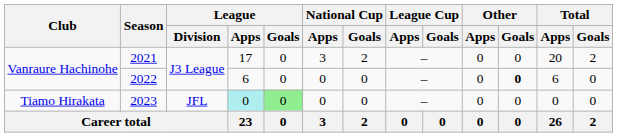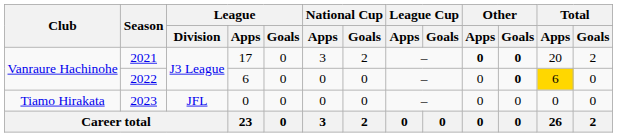 <table class="wikitable" style="text-align: center">
 <tr>
 <th rowspan="2">Club</th>
 <th rowspan="2">Season</th>
 <th colspan="3">League</th>
 <th colspan="2">National Cup</th>
 <th colspan="2">League Cup</th>
 <th colspan="2">Other</th>
 <th colspan="2">Total</th>
 </tr>
 <tr>
 <th>Division</th>
 <th>Apps</th>
 <th>Goals</th>
 <th>Apps</th>
 <th>Goals</th>
 <th>Apps</th>
 <th>Goals</th>
 <th>Apps</th>
 <th>Goals</th>
 <th>Apps</th>
 <th>Goals</th>
 </tr>
 <tr>
 <td rowspan=2><a href='#'>Vanraure Hachinohe</a></td>
 <td><a href='#'>2021</a></td>
 <td rowspan=2><a href='#'>J3 League</a></td>
 <td>17</td>
 <td>0</td>
 <td>3</td>
 <td>2</td>
 <td colspan="2">–</td>
-<td>0</td>
-<td>0</td>
+<td><strong>0</strong></td>
+<td><strong>0</strong></td>
 <td>20</td>
 <td>2</td>
 </tr>
 <tr>
 <td><a href='#'>2022</a></td>
 <td>6</td>
 <td>0</td>
 <td>0</td>
 <td>0</td>
 <td colspan="2">–</td>
 <td>0</td>
 <td><strong>0</strong></td>
-<td>6</td>
+<td style="background: gold;">6</td>
 <td>0</td>
 </tr>
 <tr>
 <td><a href='#'>Tiamo Hirakata</a></td>
 <td><a href='#'>2023</a></td>
 <td><a href='#'>JFL</a></td>
-<td style="background: paleturquoise;">0</td>
-<td style="background: lightgreen;">0</td>
+<td>0</td>
+<td>0</td>
 <td>0</td>
 <td>0</td>
 <td colspan="2">–</td>
 <td>0</td>
 <td>0</td>
 <td>0</td>
 <td>0</td>
 </tr>
 <tr>
 <th colspan=3>Career total</th>
 <th>23</th>
 <th>0</th>
 <th>3</th>
 <th>2</th>
 <th>0</th>
 <th>0</th>
 <th>0</th>
 <th>0</th>
 <th>26</th>
 <th>2</th>
 </tr>
 </table>
